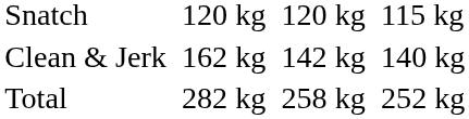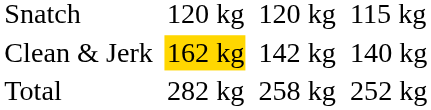 <table>
 <tr>
 <td>Snatch</td>
 <td></td>
 <td>120 kg</td>
 <td></td>
 <td>120 kg</td>
 <td></td>
 <td>115 kg</td>
 </tr>
 <tr>
 <td>Clean & Jerk</td>
 <td></td>
-<td>162 kg</td>
+<td style="background: gold;">162 kg</td>
 <td></td>
 <td>142 kg</td>
 <td></td>
 <td>140 kg</td>
 </tr>
 <tr>
 <td>Total</td>
 <td></td>
 <td>282 kg</td>
 <td></td>
 <td>258 kg</td>
 <td></td>
 <td>252 kg</td>
 </tr>
 </table>
